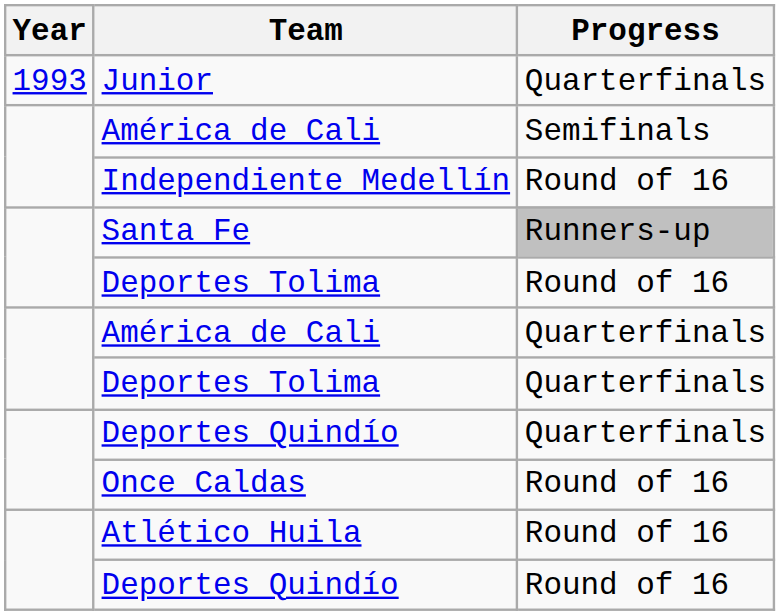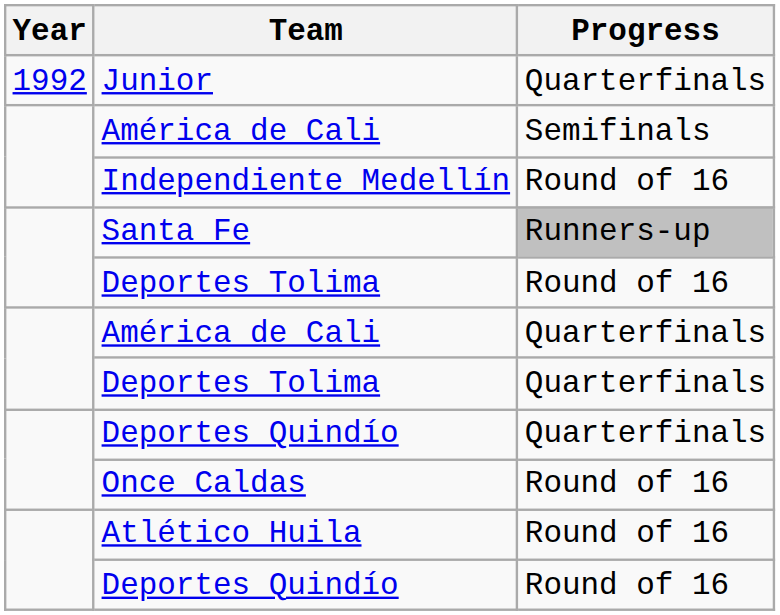 <table class="wikitable">
 <tr>
 <th>Year</th>
 <th>Team</th>
 <th>Progress</th>
 </tr>
 <tr align=left>
-<td><a href='#'>1993</a></td>
+<td><a href='#'>1992</a></td>
 <td><a href='#'>Junior</a></td>
 <td>Quarterfinals</td>
 </tr>
 <tr align=left>
 <td rowspan=2></td>
 <td><a href='#'>América de Cali</a></td>
 <td>Semifinals</td>
 </tr>
 <tr align=left>
 <td><a href='#'>Independiente Medellín</a></td>
 <td>Round of 16</td>
 </tr>
 <tr align=left>
 <td rowspan=2></td>
 <td><a href='#'>Santa Fe</a></td>
 <td bgcolor="Silver">Runners-up</td>
 </tr>
 <tr align=left>
 <td><a href='#'>Deportes Tolima</a></td>
 <td>Round of 16</td>
 </tr>
 <tr align=left>
 <td rowspan=2></td>
 <td><a href='#'>América de Cali</a></td>
 <td>Quarterfinals</td>
 </tr>
 <tr align=left>
 <td><a href='#'>Deportes Tolima</a></td>
 <td>Quarterfinals</td>
 </tr>
 <tr align=left>
 <td rowspan=2></td>
 <td><a href='#'>Deportes Quindío</a></td>
 <td>Quarterfinals</td>
 </tr>
 <tr align=left>
 <td><a href='#'>Once Caldas</a></td>
 <td>Round of 16</td>
 </tr>
 <tr align=left>
 <td rowspan=2></td>
 <td><a href='#'>Atlético Huila</a></td>
 <td>Round of 16</td>
 </tr>
 <tr align=left>
 <td><a href='#'>Deportes Quindío</a></td>
 <td>Round of 16</td>
 </tr>
 </table>
